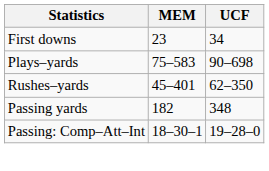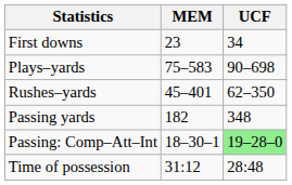 <table class="wikitable">
 <tr>
 <th>Statistics</th>
 <th>MEM</th>
 <th>UCF</th>
 </tr>
 <tr>
 <td>First downs</td>
 <td>23</td>
 <td>34</td>
 </tr>
 <tr>
 <td>Plays–yards</td>
 <td>75–583</td>
 <td>90–698</td>
 </tr>
 <tr>
 <td>Rushes–yards</td>
 <td>45–401</td>
 <td>62–350</td>
 </tr>
 <tr>
 <td>Passing yards</td>
 <td>182</td>
 <td>348</td>
 </tr>
 <tr>
 <td>Passing: Comp–Att–Int</td>
 <td>18–30–1</td>
-<td>19–28–0</td>
+<td style="background: lightgreen;">19–28–0</td>
+</tr>
+<tr>
+<td>Time of possession</td>
+<td>31:12</td>
+<td>28:48</td>
 </tr>
 </table>
